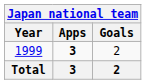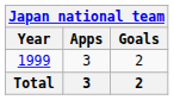 <table class="wikitable" style="text-align:center">
 <tr>
 <th colspan=3><a href='#'>Japan national team</a></th>
 </tr>
 <tr>
 <th>Year</th>
 <th>Apps</th>
 <th>Goals</th>
 </tr>
 <tr>
 <td><a href='#'>1999</a></td>
-<td><strong>3</strong></td>
+<td>3</td>
 <td>2</td>
 </tr>
 <tr>
 <th>Total</th>
 <th>3</th>
 <th>2</th>
 </tr>
 </table>
